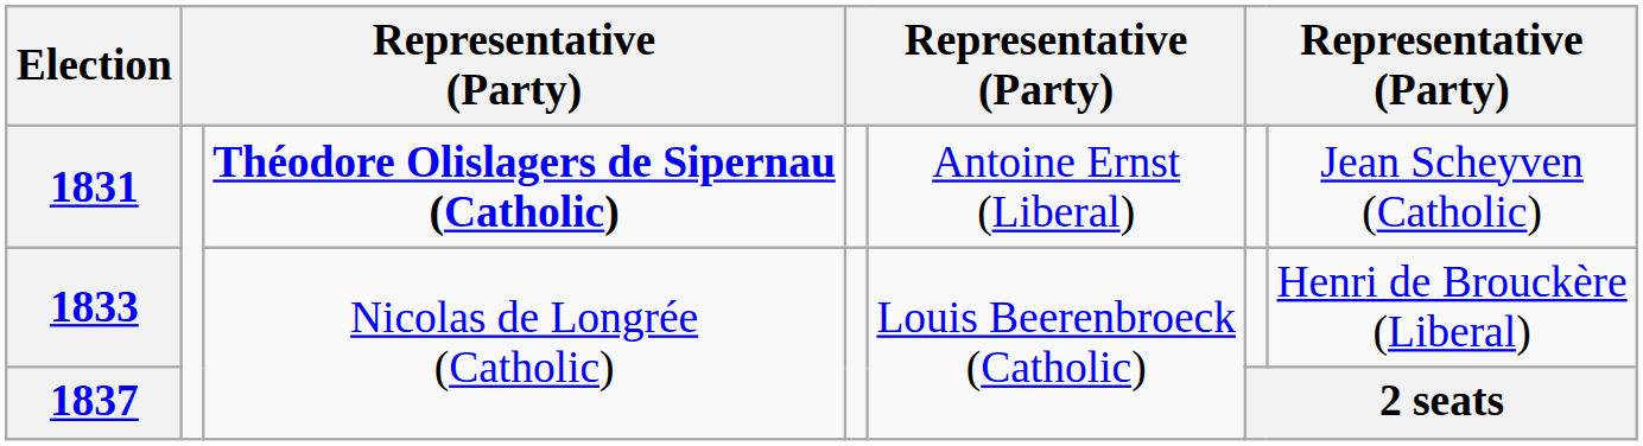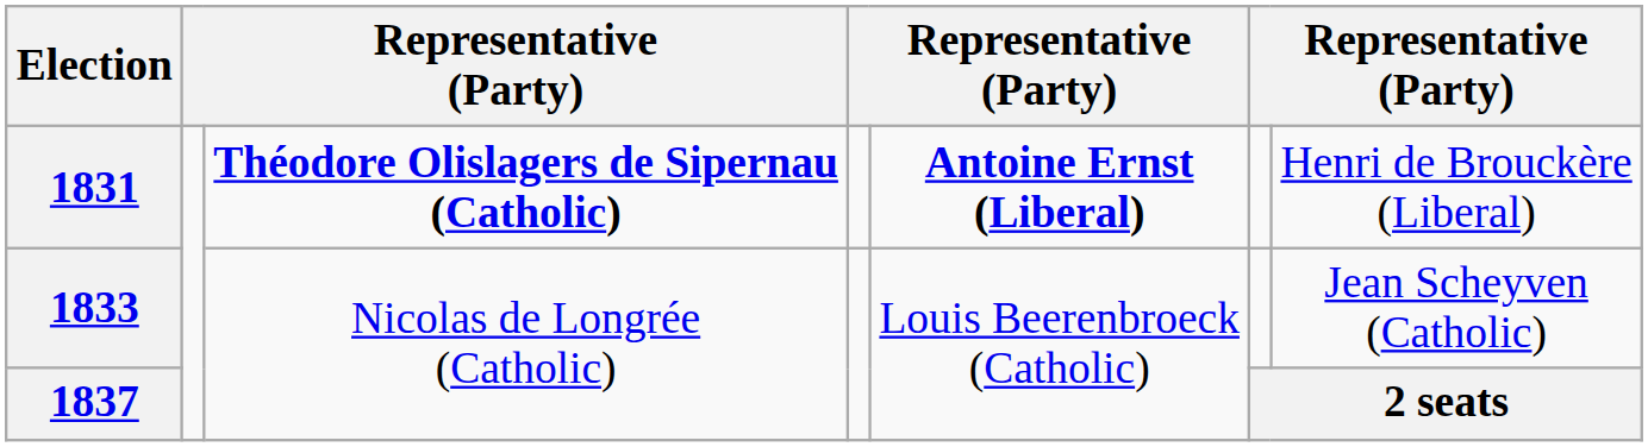 <table class="wikitable" style="text-align:center">
 <tr>
 <th>Election</th>
 <th colspan=2>Representative<br>(Party)</th>
 <th colspan=2>Representative<br>(Party)</th>
 <th colspan=2>Representative<br>(Party)</th>
 </tr>
 <tr>
 <th><a href='#'>1831</a></th>
 <td rowspan=3; style="background-color: "></td>
 <td><strong><a href='#'>Théodore Olislagers de Sipernau</a><br>(<a href='#'>Catholic</a>)</strong></td>
 <td rowspan=1; style="background-color: "></td>
-<td><a href='#'>Antoine Ernst</a><br>(<a href='#'>Liberal</a>)</td>
+<td><strong><a href='#'>Antoine Ernst</a><br>(<a href='#'>Liberal</a>)</strong></td>
 <td rowspan=1; style="background-color: "></td>
-<td><a href='#'>Jean Scheyven</a><br>(<a href='#'>Catholic</a>)</td>
+<td><a href='#'>Henri de Brouckère</a><br>(<a href='#'>Liberal</a>)</td>
 </tr>
 <tr>
 <th><a href='#'>1833</a></th>
 <td rowspan=2><a href='#'>Nicolas de Longrée</a><br>(<a href='#'>Catholic</a>)</td>
 <td rowspan=2; style="background-color: "></td>
 <td rowspan=2><a href='#'>Louis Beerenbroeck</a><br>(<a href='#'>Catholic</a>)</td>
 <td rowspan=1; style="background-color: "></td>
-<td><a href='#'>Henri de Brouckère</a><br>(<a href='#'>Liberal</a>)</td>
+<td><a href='#'>Jean Scheyven</a><br>(<a href='#'>Catholic</a>)</td>
 </tr>
 <tr>
 <th><a href='#'>1837</a></th>
 <th colspan=2>2 seats</th>
 </tr>
 </table>
